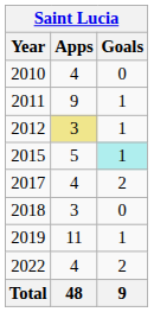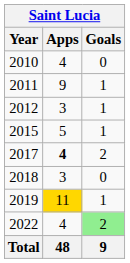 <table class="wikitable" style="text-align:center">
 <tr>
 <th colspan=3><a href='#'>Saint Lucia</a></th>
 </tr>
 <tr>
 <th>Year</th>
 <th>Apps</th>
 <th>Goals</th>
 </tr>
 <tr>
 <td>2010</td>
 <td>4</td>
 <td>0</td>
 </tr>
 <tr>
 <td>2011</td>
 <td>9</td>
 <td>1</td>
 </tr>
 <tr>
 <td>2012</td>
-<td style="background: khaki;">3</td>
+<td>3</td>
 <td>1</td>
 </tr>
 <tr>
 <td>2015</td>
 <td>5</td>
-<td style="background: paleturquoise;">1</td>
+<td>1</td>
 </tr>
 <tr>
 <td>2017</td>
-<td>4</td>
+<td><strong>4</strong></td>
 <td>2</td>
 </tr>
 <tr>
 <td>2018</td>
 <td>3</td>
 <td>0</td>
 </tr>
 <tr>
 <td>2019</td>
-<td>11</td>
+<td style="background: gold;">11</td>
 <td>1</td>
 </tr>
 <tr>
 <td>2022</td>
 <td>4</td>
-<td>2</td>
+<td style="background: lightgreen;">2</td>
 </tr>
 <tr>
 <th>Total</th>
 <th>48</th>
 <th>9</th>
 </tr>
 </table>
